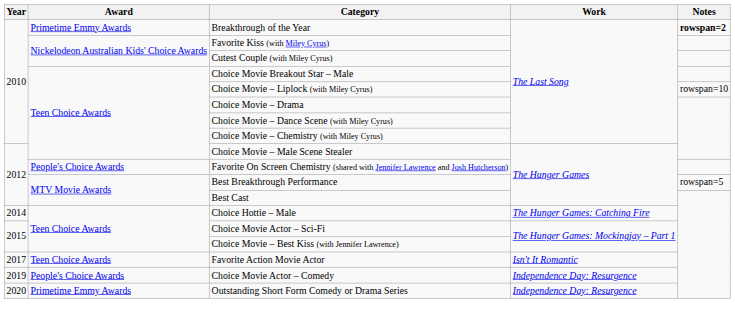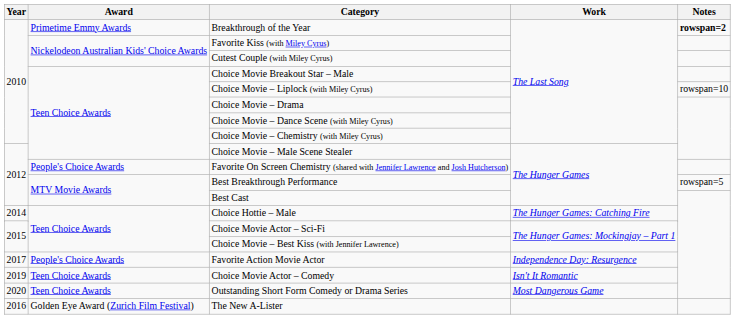 <table class="wikitable">
 <tr>
 <th>Year</th>
 <th>Award</th>
 <th>Category</th>
 <th>Work</th>
 <th>Notes</th>
 </tr>
 <tr>
 <td rowspan=8>2010</td>
 <td><a href='#'>Primetime Emmy Awards</a></td>
 <td>Breakthrough of the Year</td>
 <td rowspan=8><em><a href='#'>The Last Song</a></em></td>
 <td><strong>rowspan=2 </strong></td>
 </tr>
 <tr>
 <td rowspan=2><a href='#'>Nickelodeon Australian Kids' Choice Awards</a></td>
 <td>Favorite Kiss <small>(with <a href='#'>Miley Cyrus</a>)</small></td>
 </tr>
 <tr>
 <td>Cutest Couple <small>(with Miley Cyrus)</small></td>
 <td></td>
 </tr>
 <tr>
 <td rowspan=6><a href='#'>Teen Choice Awards</a></td>
 <td>Choice Movie Breakout Star – Male</td>
 <td></td>
 </tr>
 <tr>
 <td>Choice Movie – Liplock <small>(with Miley Cyrus)</small></td>
 <td>rowspan=10 </td>
 </tr>
 <tr>
 <td>Choice Movie – Drama</td>
 </tr>
 <tr>
 <td>Choice Movie – Dance Scene <small>(with Miley Cyrus)</small></td>
 </tr>
 <tr>
 <td>Choice Movie – Chemistry <small>(with Miley Cyrus)</small></td>
 </tr>
 <tr>
 <td rowspan=5>2012</td>
 <td>Choice Movie – Male Scene Stealer</td>
 <td rowspan=5><em><a href='#'>The Hunger Games</a></em></td>
 </tr>
 <tr>
 <td><a href='#'>People's Choice Awards</a></td>
 <td>Favorite On Screen Chemistry <small>(shared with <a href='#'>Jennifer Lawrence</a> and <a href='#'>Josh Hutcherson</a>)</small></td>
 <td></td>
 </tr>
 <tr>
 <td rowspan=2><a href='#'>MTV Movie Awards</a></td>
 <td>Best Breakthrough Performance</td>
 <td>rowspan=5 </td>
 </tr>
 <tr>
 <td>Best Cast</td>
 </tr>
 <tr>
 <td rowspan=5><a href='#'>Teen Choice Awards</a></td>
 <td rowspan=2>Choice Hottie – Male</td>
 </tr>
 <tr>
 <td rowspan=2>2014</td>
 <td rowspan=2><em><a href='#'>The Hunger Games: Catching Fire</a></em></td>
 </tr>
 <tr>
 <td rowspan=2>Choice Movie Actor – Sci-Fi</td>
 </tr>
 <tr>
 <td rowspan=2>2015</td>
 <td rowspan=2><em><a href='#'>The Hunger Games: Mockingjay – Part 1</a></em></td>
 </tr>
 <tr>
 <td>Choice Movie – Best Kiss <small>(with Jennifer Lawrence)</small></td>
 </tr>
 <tr>
 <td>2017</td>
+<td><a href='#'>People's Choice Awards</a></td>
+<td>Favorite Action Movie Actor</td>
+<td><em><a href='#'>Independence Day: Resurgence</a></em></td>
+</tr>
+<tr>
+<td>2019</td>
 <td><a href='#'>Teen Choice Awards</a></td>
-<td>Favorite Action Movie Actor</td>
+<td>Choice Movie Actor – Comedy</td>
 <td><em><a href='#'>Isn't It Romantic</a></em></td>
 </tr>
 <tr>
-<td>2019</td>
-<td><a href='#'>People's Choice Awards</a></td>
-<td>Choice Movie Actor – Comedy</td>
-<td><em><a href='#'>Independence Day: Resurgence</a></em></td>
+<td>2020</td>
+<td><a href='#'>Teen Choice Awards</a></td>
+<td>Outstanding Short Form Comedy or Drama Series</td>
+<td><em><a href='#'>Most Dangerous Game</a></em></td>
 </tr>
 <tr>
-<td>2020</td>
-<td><a href='#'>Primetime Emmy Awards</a></td>
-<td>Outstanding Short Form Comedy or Drama Series</td>
-<td><em><a href='#'>Independence Day: Resurgence</a></em></td>
+<td>2016</td>
+<td>Golden Eye Award (<a href='#'>Zurich Film Festival</a>)</td>
+<td>The New A-Lister</td>
+<td></td>
+<td></td>
 </tr>
 </table>
